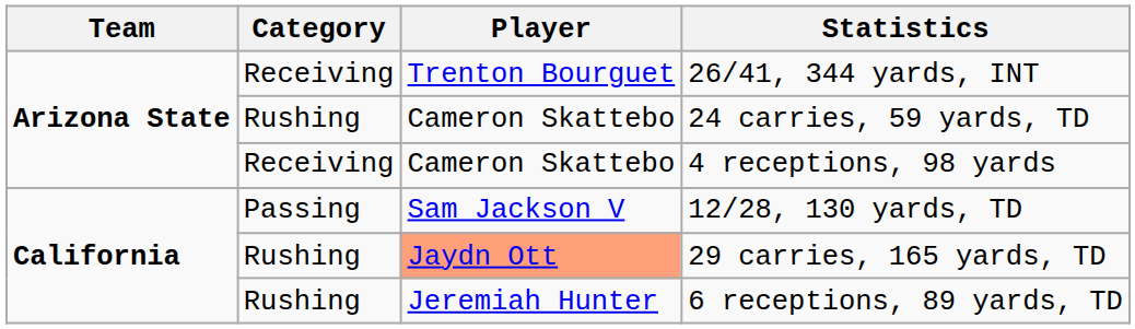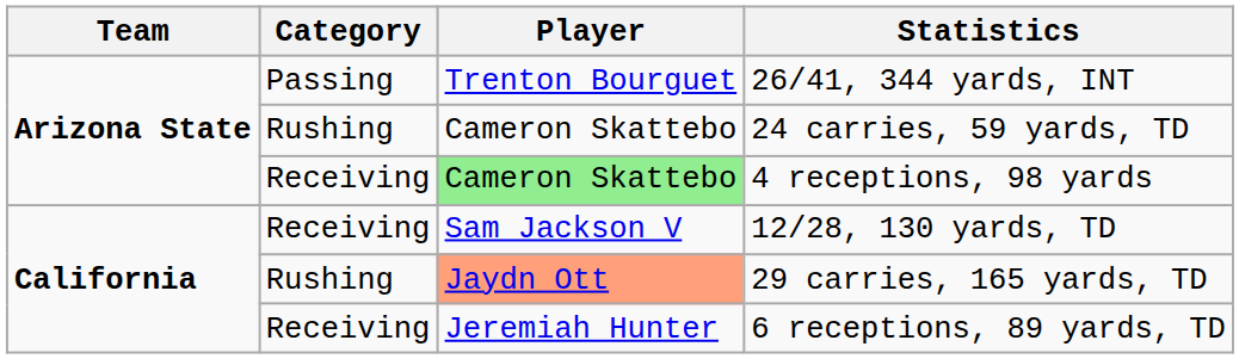 <table class="wikitable" style="float: right;">
 <tr>
 <th>Team</th>
 <th>Category</th>
 <th>Player</th>
 <th>Statistics</th>
 </tr>
 <tr>
 <td rowspan=3><strong>Arizona State</strong></td>
-<td>Receiving</td>
+<td>Passing</td>
 <td><a href='#'>Trenton Bourguet</a></td>
 <td>26/41, 344 yards, INT</td>
 </tr>
 <tr>
 <td>Rushing</td>
 <td>Cameron Skattebo</td>
 <td>24 carries, 59 yards, TD</td>
 </tr>
 <tr>
 <td>Receiving</td>
-<td>Cameron Skattebo</td>
+<td style="background: lightgreen;">Cameron Skattebo</td>
 <td>4 receptions, 98 yards</td>
 </tr>
 <tr>
 <td rowspan=3><strong>California</strong></td>
-<td>Passing</td>
+<td>Receiving</td>
 <td><a href='#'>Sam Jackson V</a></td>
 <td>12/28, 130 yards, TD</td>
 </tr>
 <tr>
 <td>Rushing</td>
 <td style="background: lightsalmon;"><a href='#'>Jaydn Ott</a></td>
 <td>29 carries, 165 yards, TD</td>
 </tr>
 <tr>
-<td>Rushing</td>
+<td>Receiving</td>
 <td><a href='#'>Jeremiah Hunter</a></td>
 <td>6 receptions, 89 yards, TD</td>
 </tr>
 </table>
